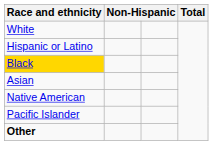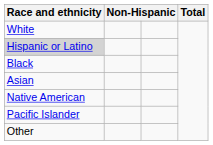 <table class="wikitable sortable collapsible"; text-align:right; font-size:80%;">
 <tr>
 <th>Race and ethnicity</th>
 <th colspan="2" data-sort-type=number>Non-Hispanic</th>
 <th colspan="2" data-sort-type=number>Total</th>
 </tr>
 <tr>
 <td><a href='#'>White</a></td>
 <td align=right></td>
 <td align=right></td>
 </tr>
 <tr>
-<td><a href='#'>Hispanic or Latino</a></td>
+<td style="background: lightgrey;"><a href='#'>Hispanic or Latino</a></td>
 <td align=right></td>
 <td align=right></td>
 </tr>
 <tr>
-<td style="background: gold;"><a href='#'>Black</a></td>
+<td><a href='#'>Black</a></td>
 <td align=right></td>
 <td align=right></td>
 </tr>
 <tr>
 <td><a href='#'>Asian</a></td>
 <td align=right></td>
 <td align=right></td>
 </tr>
 <tr>
 <td><a href='#'>Native American</a></td>
 <td align=right></td>
 <td align=right></td>
 </tr>
 <tr>
 <td><a href='#'>Pacific Islander</a></td>
 <td align=right></td>
 <td align=right></td>
 </tr>
 <tr>
-<td><strong>Other</strong></td>
+<td>Other</td>
 <td align=right></td>
 <td align=right></td>
 </tr>
 </table>
